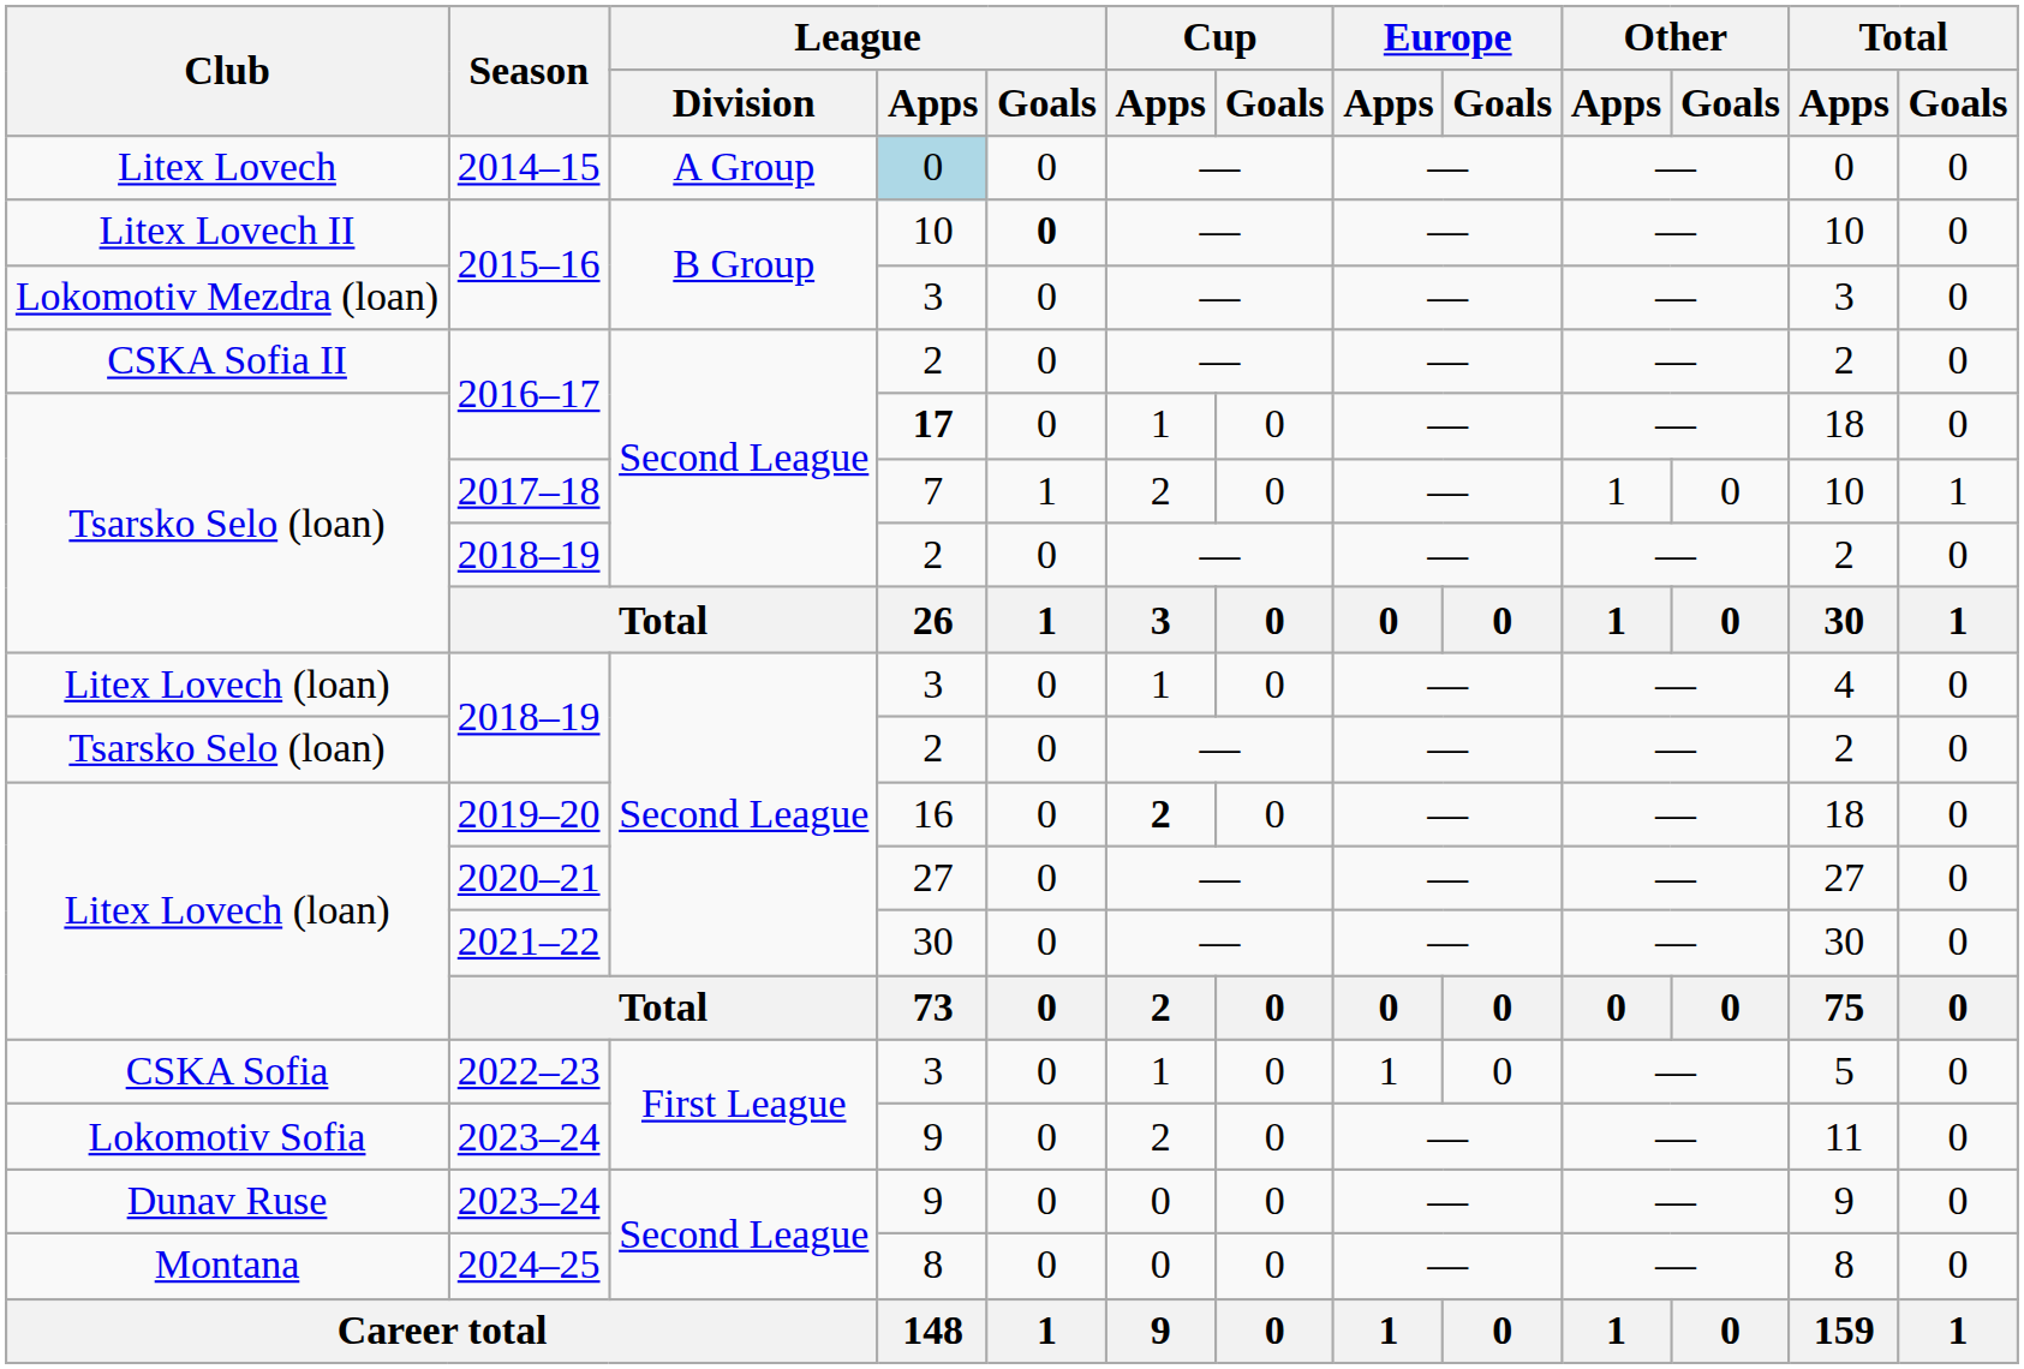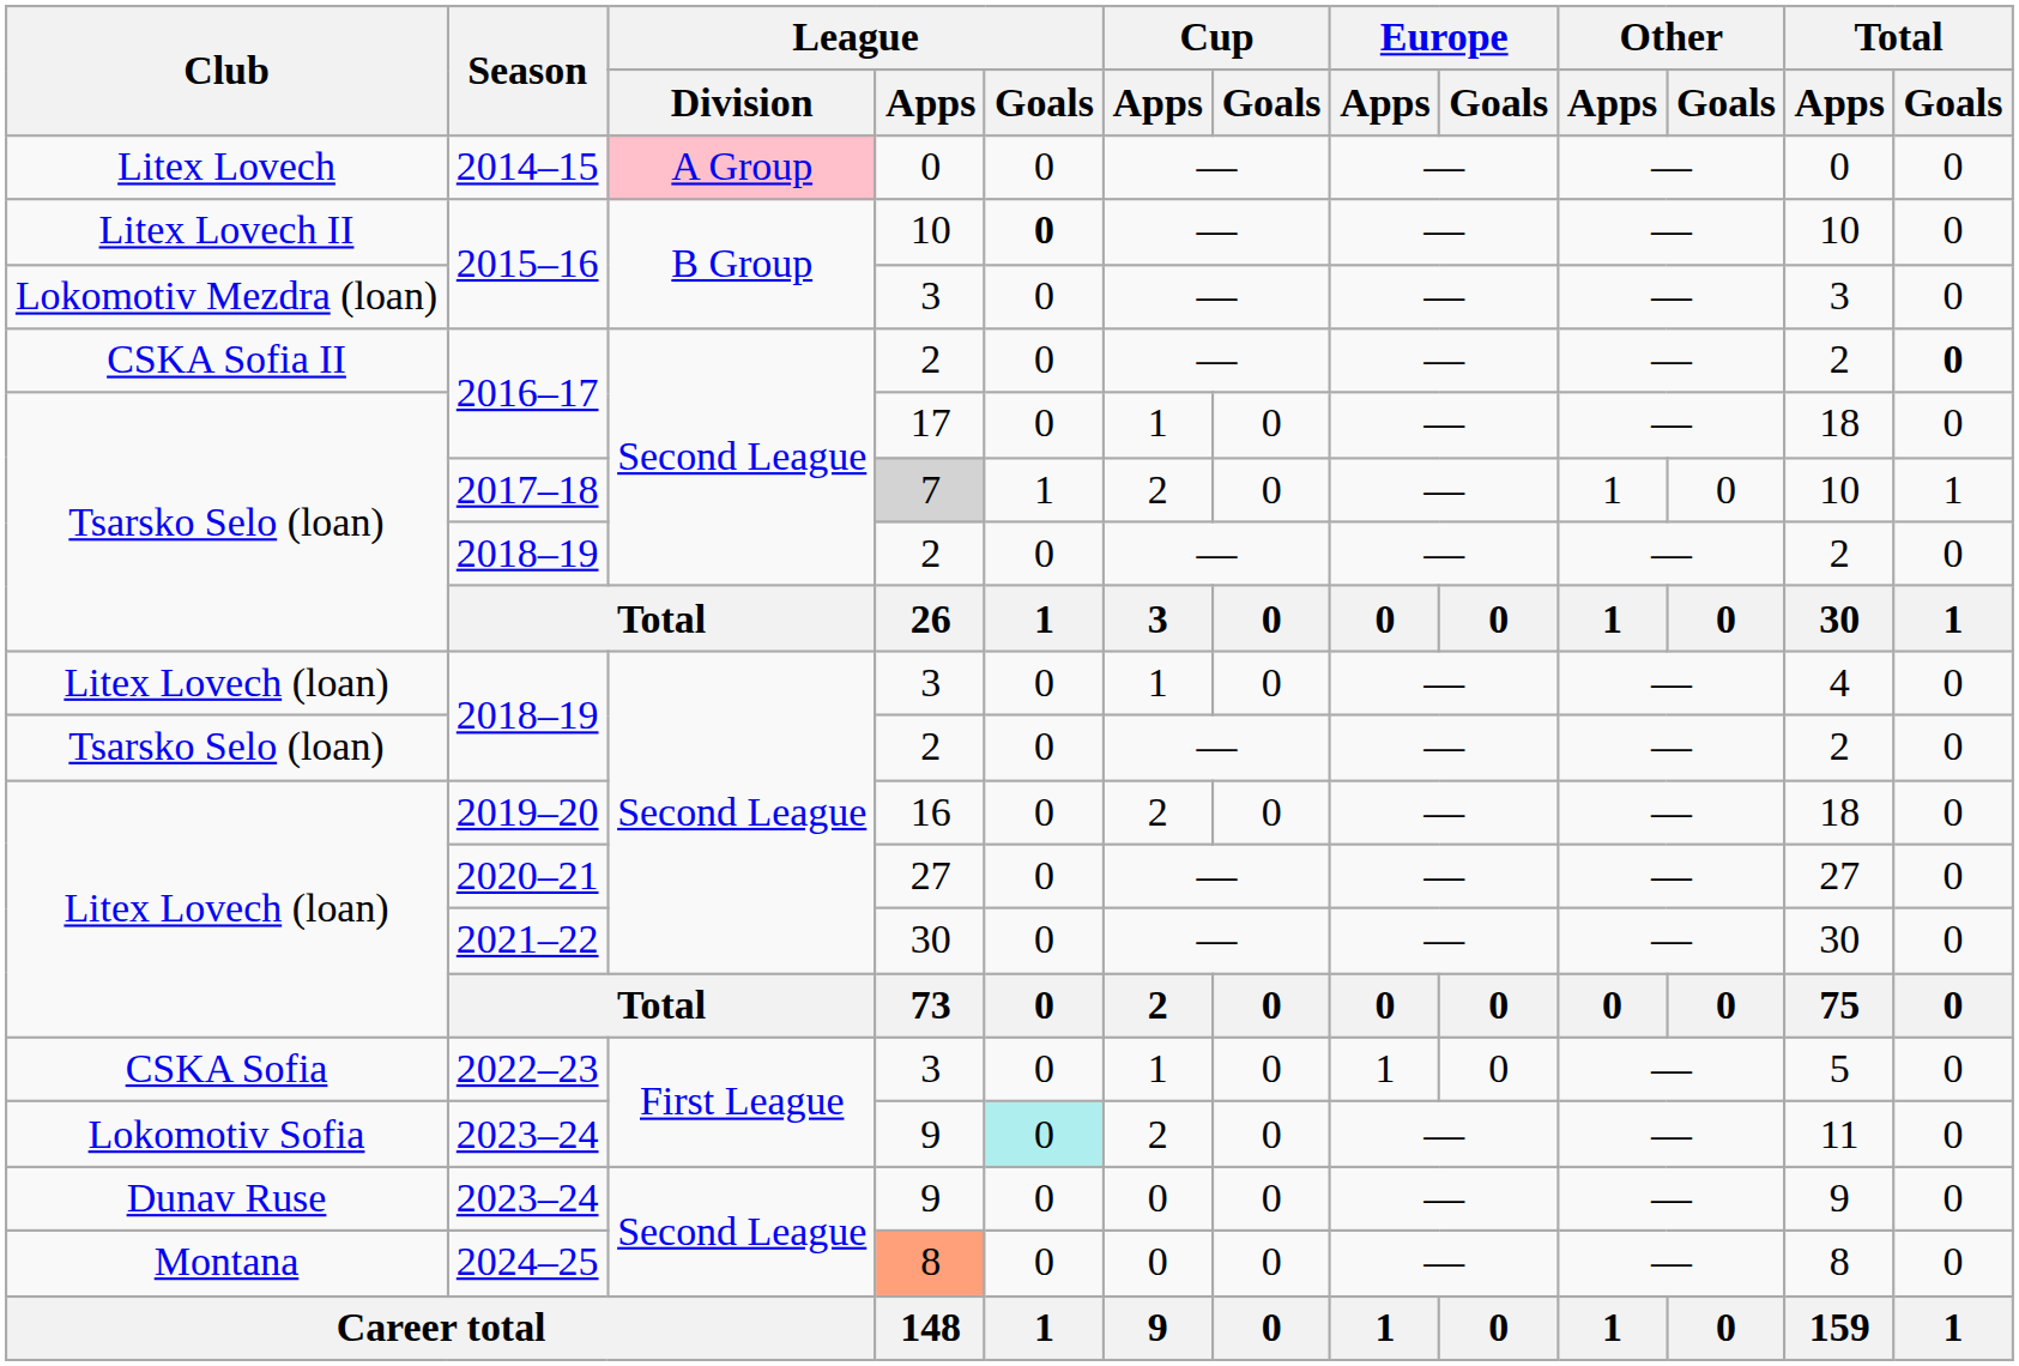 <table class="wikitable" style="text-align:center">
 <tr>
 <th rowspan="2">Club</th>
 <th rowspan="2">Season</th>
 <th colspan="3">League</th>
 <th colspan="2">Cup</th>
 <th colspan="2"><a href='#'>Europe</a></th>
 <th colspan="2">Other</th>
 <th colspan="2">Total</th>
 </tr>
 <tr>
 <th>Division</th>
 <th>Apps</th>
 <th>Goals</th>
 <th>Apps</th>
 <th>Goals</th>
 <th>Apps</th>
 <th>Goals</th>
 <th>Apps</th>
 <th>Goals</th>
 <th>Apps</th>
 <th>Goals</th>
 </tr>
 <tr>
 <td rowspan=1><a href='#'>Litex Lovech</a></td>
 <td><a href='#'>2014–15</a></td>
-<td rowspan=1><a href='#'>A Group</a></td>
-<td style="background: lightblue;">0</td>
+<td rowspan=1 style="background: pink;"><a href='#'>A Group</a></td>
+<td>0</td>
 <td>0</td>
 <td colspan="2">—</td>
 <td colspan="2">—</td>
 <td colspan="2">—</td>
 <td>0</td>
 <td>0</td>
 </tr>
 <tr>
 <td rowspan=1><a href='#'>Litex Lovech II</a></td>
 <td rowspan=2><a href='#'>2015–16</a></td>
 <td rowspan=2><a href='#'>B Group</a></td>
 <td>10</td>
 <td><strong>0</strong></td>
 <td colspan="2">—</td>
 <td colspan="2">—</td>
 <td colspan="2">—</td>
 <td>10</td>
 <td>0</td>
 </tr>
 <tr>
 <td rowspan=1><a href='#'>Lokomotiv Mezdra</a> (loan)</td>
 <td>3</td>
 <td>0</td>
 <td colspan="2">—</td>
 <td colspan="2">—</td>
 <td colspan="2">—</td>
 <td>3</td>
 <td>0</td>
 </tr>
 <tr>
 <td rowspan=1><a href='#'>CSKA Sofia II</a></td>
 <td rowspan=2><a href='#'>2016–17</a></td>
 <td rowspan=4><a href='#'>Second League</a></td>
 <td>2</td>
 <td>0</td>
 <td colspan="2">—</td>
 <td colspan="2">—</td>
 <td colspan="2">—</td>
 <td>2</td>
-<td>0</td>
+<td><strong>0</strong></td>
 </tr>
 <tr>
 <td rowspan=4><a href='#'>Tsarsko Selo</a> (loan)</td>
-<td><strong>17</strong></td>
+<td>17</td>
 <td>0</td>
 <td>1</td>
 <td>0</td>
 <td colspan="2">—</td>
 <td colspan="2">—</td>
 <td>18</td>
 <td>0</td>
 </tr>
 <tr>
 <td><a href='#'>2017–18</a></td>
-<td>7</td>
+<td style="background: lightgrey;">7</td>
 <td>1</td>
 <td>2</td>
 <td>0</td>
 <td colspan="2">—</td>
 <td>1</td>
 <td>0</td>
 <td>10</td>
 <td>1</td>
 </tr>
 <tr>
 <td><a href='#'>2018–19</a></td>
 <td>2</td>
 <td>0</td>
 <td colspan="2">—</td>
 <td colspan="2">—</td>
 <td colspan="2">—</td>
 <td>2</td>
 <td>0</td>
 </tr>
 <tr>
 <th colspan="2">Total</th>
 <th>26</th>
 <th>1</th>
 <th>3</th>
 <th>0</th>
 <th>0</th>
 <th>0</th>
 <th>1</th>
 <th>0</th>
 <th>30</th>
 <th>1</th>
 </tr>
 <tr>
 <td rowspan=1><a href='#'>Litex Lovech</a> (loan)</td>
 <td rowspan=2><a href='#'>2018–19</a></td>
 <td rowspan=5><a href='#'>Second League</a></td>
 <td>3</td>
 <td>0</td>
 <td>1</td>
 <td>0</td>
 <td colspan="2">—</td>
 <td colspan="2">—</td>
 <td>4</td>
 <td>0</td>
 </tr>
 <tr>
 <td><a href='#'>Tsarsko Selo</a> (loan)</td>
 <td>2</td>
 <td>0</td>
 <td colspan="2">—</td>
 <td colspan="2">—</td>
 <td colspan="2">—</td>
 <td>2</td>
 <td>0</td>
 </tr>
 <tr>
 <td rowspan=4><a href='#'>Litex Lovech</a> (loan)</td>
 <td><a href='#'>2019–20</a></td>
 <td>16</td>
 <td>0</td>
-<td><strong>2</strong></td>
+<td>2</td>
 <td>0</td>
 <td colspan="2">—</td>
 <td colspan="2">—</td>
 <td>18</td>
 <td>0</td>
 </tr>
 <tr>
 <td><a href='#'>2020–21</a></td>
 <td>27</td>
 <td>0</td>
 <td colspan="2">—</td>
 <td colspan="2">—</td>
 <td colspan="2">—</td>
 <td>27</td>
 <td>0</td>
 </tr>
 <tr>
 <td><a href='#'>2021–22</a></td>
 <td>30</td>
 <td>0</td>
 <td colspan="2">—</td>
 <td colspan="2">—</td>
 <td colspan="2">—</td>
 <td>30</td>
 <td>0</td>
 </tr>
 <tr>
 <th colspan="2">Total</th>
 <th>73</th>
 <th>0</th>
 <th>2</th>
 <th>0</th>
 <th>0</th>
 <th>0</th>
 <th>0</th>
 <th>0</th>
 <th>75</th>
 <th>0</th>
 </tr>
 <tr>
 <td rowspan=1><a href='#'>CSKA Sofia</a></td>
 <td><a href='#'>2022–23</a></td>
 <td rowspan=2><a href='#'>First League</a></td>
 <td>3</td>
 <td>0</td>
 <td>1</td>
 <td>0</td>
 <td>1</td>
 <td>0</td>
 <td colspan="2">—</td>
 <td>5</td>
 <td>0</td>
 </tr>
 <tr>
 <td rowspan=1><a href='#'>Lokomotiv Sofia</a></td>
 <td><a href='#'>2023–24</a></td>
 <td>9</td>
-<td>0</td>
+<td style="background: paleturquoise;">0</td>
 <td>2</td>
 <td>0</td>
 <td colspan="2">—</td>
 <td colspan="2">—</td>
 <td>11</td>
 <td>0</td>
 </tr>
 <tr>
 <td><a href='#'>Dunav Ruse</a></td>
 <td><a href='#'>2023–24</a></td>
 <td rowspan=2><a href='#'>Second League</a></td>
 <td>9</td>
 <td>0</td>
 <td>0</td>
 <td>0</td>
 <td colspan="2">—</td>
 <td colspan="2">—</td>
 <td>9</td>
 <td>0</td>
 </tr>
 <tr>
 <td><a href='#'>Montana</a></td>
 <td><a href='#'>2024–25</a></td>
-<td>8</td>
+<td style="background: lightsalmon;">8</td>
 <td>0</td>
 <td>0</td>
 <td>0</td>
 <td colspan="2">—</td>
 <td colspan="2">—</td>
 <td>8</td>
 <td>0</td>
 </tr>
 <tr>
 <th colspan="3">Career total</th>
 <th>148</th>
 <th>1</th>
 <th>9</th>
 <th>0</th>
 <th>1</th>
 <th>0</th>
 <th>1</th>
 <th>0</th>
 <th>159</th>
 <th>1</th>
 </tr>
 </table>
